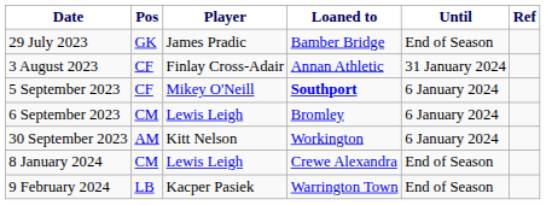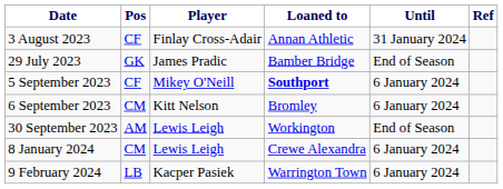 <table class="wikitable plainrowheaders sortable">
 <tr>
 <th style="background:#ffffff;color:#00005a; ">Date</th>
 <th style="background:#ffffff;color:#00005a; ">Pos</th>
 <th style="background:#ffffff;color:#00005a; ">Player</th>
 <th style="background:#ffffff;color:#00005a; ">Loaned to</th>
 <th style="background:#ffffff;color:#00005a; ">Until</th>
 <th style="background:#ffffff;color:#00005a; ">Ref</th>
 </tr>
 <tr>
+<td>3 August 2023</td>
+<td><a href='#'>CF</a></td>
+<td> Finlay Cross-Adair</td>
+<td> <a href='#'>Annan Athletic</a></td>
+<td>31 January 2024</td>
+<td></td>
+</tr>
+<tr>
 <td>29 July 2023</td>
 <td><a href='#'>GK</a></td>
 <td> James Pradic</td>
 <td> <a href='#'>Bamber Bridge</a></td>
 <td>End of Season</td>
-<td></td>
-</tr>
-<tr>
-<td>3 August 2023</td>
-<td><a href='#'>CF</a></td>
-<td> Finlay Cross-Adair</td>
-<td> <a href='#'>Annan Athletic</a></td>
-<td>31 January 2024</td>
 <td></td>
 </tr>
 <tr>
 <td>5 September 2023</td>
 <td><a href='#'>CF</a></td>
 <td> <a href='#'>Mikey O'Neill</a></td>
 <td><strong> <a href='#'>Southport</a></strong></td>
 <td>6 January 2024</td>
 <td></td>
 </tr>
 <tr>
 <td>6 September 2023</td>
 <td><a href='#'>CM</a></td>
-<td> <a href='#'>Lewis Leigh</a></td>
+<td> Kitt Nelson</td>
 <td> <a href='#'>Bromley</a></td>
 <td>6 January 2024</td>
 <td></td>
 </tr>
 <tr>
 <td>30 September 2023</td>
 <td><a href='#'>AM</a></td>
-<td> Kitt Nelson</td>
+<td> <a href='#'>Lewis Leigh</a></td>
 <td> <a href='#'>Workington</a></td>
-<td>6 January 2024</td>
+<td>End of Season</td>
 <td></td>
 </tr>
 <tr>
 <td>8 January 2024</td>
 <td><a href='#'>CM</a></td>
 <td> <a href='#'>Lewis Leigh</a></td>
 <td> <a href='#'>Crewe Alexandra</a></td>
-<td>End of Season</td>
+<td>6 January 2024</td>
 <td></td>
 </tr>
 <tr>
 <td>9 February 2024</td>
 <td><a href='#'>LB</a></td>
 <td> Kacper Pasiek</td>
 <td> <a href='#'>Warrington Town</a></td>
-<td>End of Season</td>
+<td>6 January 2024</td>
 <td></td>
 </tr>
 </table>
